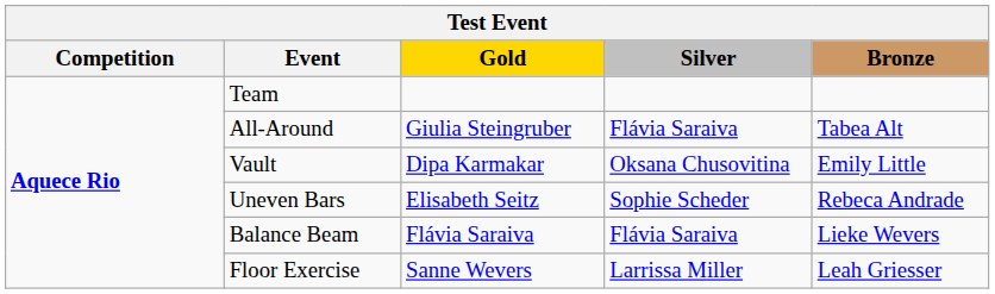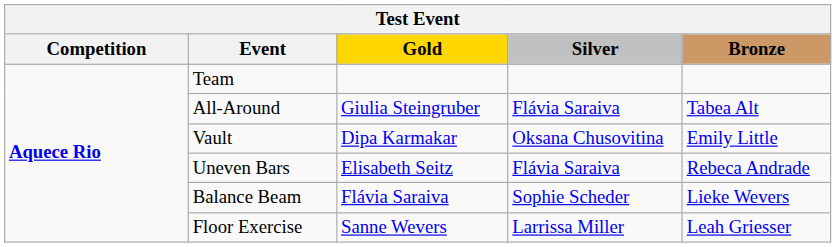 <table class="wikitable" style="width:80%;">
 <tr>
 <th colspan=5>Test Event</th>
 </tr>
 <tr>
 <th style="text-align:center; width:5%;">Competition</th>
 <th style="text-align:center; width:5%;">Event</th>
 <td style="text-align:center; width:5%; background:gold;"><strong>Gold</strong></td>
 <td style="text-align:center; width:5%; background:silver;"><strong>Silver</strong></td>
 <td style="text-align:center; width:5%; background:#c96;"><strong>Bronze</strong></td>
 </tr>
 <tr>
 <td rowspan=6><strong><a href='#'>Aquece Rio</a></strong></td>
 <td>Team</td>
 <td></td>
 <td></td>
 <td></td>
 </tr>
 <tr>
 <td>All-Around</td>
 <td> <a href='#'>Giulia Steingruber</a></td>
 <td> <a href='#'>Flávia Saraiva</a></td>
 <td> <a href='#'>Tabea Alt</a></td>
 </tr>
 <tr>
 <td>Vault</td>
 <td> <a href='#'>Dipa Karmakar</a></td>
 <td> <a href='#'>Oksana Chusovitina</a></td>
 <td> <a href='#'>Emily Little</a></td>
 </tr>
 <tr>
 <td>Uneven Bars</td>
 <td> <a href='#'>Elisabeth Seitz</a></td>
-<td> <a href='#'>Sophie Scheder</a></td>
+<td> <a href='#'>Flávia Saraiva</a></td>
 <td> <a href='#'>Rebeca Andrade</a></td>
 </tr>
 <tr>
 <td>Balance Beam</td>
 <td> <a href='#'>Flávia Saraiva</a></td>
-<td> <a href='#'>Flávia Saraiva</a></td>
+<td> <a href='#'>Sophie Scheder</a></td>
 <td> <a href='#'>Lieke Wevers</a></td>
 </tr>
 <tr>
 <td>Floor Exercise</td>
 <td> <a href='#'>Sanne Wevers</a></td>
 <td> <a href='#'>Larrissa Miller</a></td>
 <td> <a href='#'>Leah Griesser</a></td>
 </tr>
 </table>
